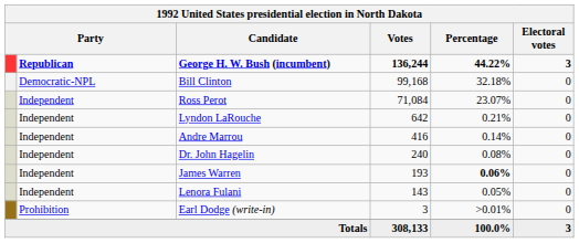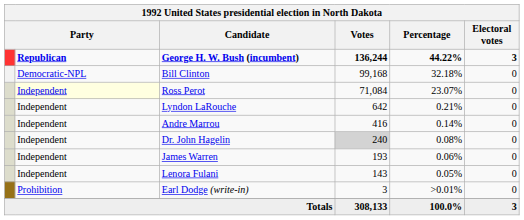 <table class="wikitable" style="font-size: 95%;">
 <tr>
 <th colspan="6">1992 United States presidential election in North Dakota</th>
 </tr>
 <tr>
 <th colspan="2" style="width: 15em">Party</th>
 <th style="width: 17em">Candidate</th>
 <th style="width: 5em">Votes</th>
 <th style="width: 7em">Percentage</th>
 <th style="width: 5em">Electoral votes</th>
 </tr>
 <tr>
 <th style="background-color:#FF3333; width: 3px"></th>
 <td style="width: 130px"><strong><a href='#'>Republican</a></strong></td>
 <td><strong><a href='#'>George H. W. Bush</a> (<a href='#'>incumbent</a>)</strong></td>
 <td align="right"><strong>136,244</strong></td>
 <td align="right"><strong>44.22%</strong></td>
 <td align="right"><strong>3</strong></td>
 </tr>
 <tr>
 <th style="background-color:"></th>
 <td style="width: 130px"><a href='#'>Democratic-NPL</a></td>
 <td><a href='#'>Bill Clinton</a></td>
 <td align="right">99,168</td>
 <td align="right">32.18%</td>
 <td align="right">0</td>
 </tr>
 <tr>
 <th style="background-color:#DDDDCC; width: 3px"></th>
-<td style="width: 130px"><a href='#'>Independent</a></td>
+<td style="background: lightyellow; width: 130px"><a href='#'>Independent</a></td>
 <td><a href='#'>Ross Perot</a></td>
 <td align="right">71,084</td>
 <td align="right">23.07%</td>
 <td align="right">0</td>
 </tr>
 <tr>
 <th style="background-color:#DDDDCC; width: 3px"></th>
 <td style="width: 130px">Independent</td>
 <td><a href='#'>Lyndon LaRouche</a></td>
 <td align="right">642</td>
 <td align="right">0.21%</td>
 <td align="right">0</td>
 </tr>
 <tr>
 <th style="background-color:#DDDDCC; width: 3px"></th>
 <td style="width: 130px">Independent</td>
 <td><a href='#'>Andre Marrou</a></td>
 <td align="right">416</td>
 <td align="right">0.14%</td>
 <td align="right">0</td>
 </tr>
 <tr>
 <th style="background-color:#DDDDCC; width: 3px"></th>
 <td style="width: 130px">Independent</td>
 <td><a href='#'>Dr. John Hagelin</a></td>
-<td align="right">240</td>
+<td align="right" style="background: lightgrey;">240</td>
 <td align="right">0.08%</td>
 <td align="right">0</td>
 </tr>
 <tr>
 <th style="background-color:#DDDDCC; width: 3px"></th>
 <td style="width: 130px">Independent</td>
 <td><a href='#'>James Warren</a></td>
 <td align="right">193</td>
-<td align="right"><strong>0.06%</strong></td>
+<td align="right">0.06%</td>
 <td align="right">0</td>
 </tr>
 <tr>
 <th style="background-color:#DDDDCC; width: 3px"></th>
 <td style="width: 130px">Independent</td>
 <td><a href='#'>Lenora Fulani</a></td>
 <td align="right">143</td>
 <td align="right">0.05%</td>
 <td align="right">0</td>
 </tr>
 <tr>
 <th style="background-color:#967117; width: 3px"></th>
 <td style="width: 130px"><a href='#'>Prohibition</a></td>
 <td><a href='#'>Earl Dodge</a> <em>(write-in)</em></td>
 <td align="right">3</td>
 <td align="right">>0.01%</td>
 <td align="right">0</td>
 </tr>
 <tr>
 </tr>
 <tr bgcolor="#EEEEEE">
 <td colspan="3" align="right"><strong>Totals</strong></td>
 <td align="right"><strong>308,133</strong></td>
 <td align="right"><strong>100.0%</strong></td>
 <td align="right"><strong>3</strong></td>
 </tr>
 </table>
